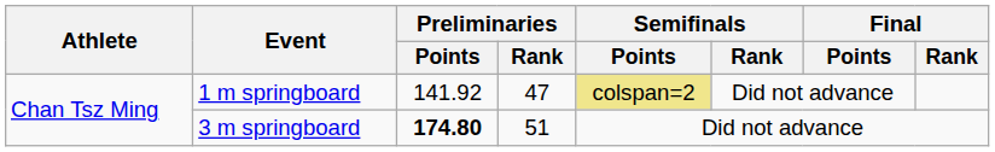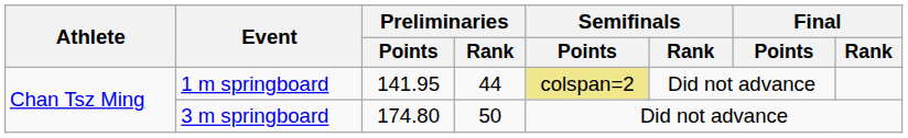 <table class="wikitable" style="text-align:center; font-size:90%; width:50%;">
 <tr>
 <th rowspan=2>Athlete</th>
 <th rowspan=2>Event</th>
 <th colspan=2>Preliminaries</th>
 <th colspan=2>Semifinals</th>
 <th colspan=2>Final</th>
 </tr>
 <tr style="font-size:95%">
 <th>Points</th>
 <th>Rank</th>
 <th>Points</th>
 <th>Rank</th>
 <th>Points</th>
 <th>Rank</th>
 </tr>
 <tr>
 <td align=left rowspan=2><a href='#'>Chan Tsz Ming</a></td>
 <td align=left><a href='#'>1 m springboard</a></td>
-<td>141.92</td>
-<td>47</td>
+<td>141.95</td>
+<td>44</td>
 <td style="background: khaki;">colspan=2 </td>
 <td colspan=2>Did not advance</td>
 </tr>
 <tr>
 <td align=left><a href='#'>3 m springboard</a></td>
-<td><strong>174.80</strong></td>
-<td>51</td>
+<td>174.80</td>
+<td>50</td>
 <td colspan=4>Did not advance</td>
 </tr>
 </table>
